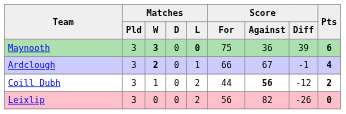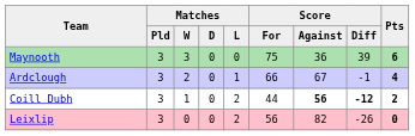 <table style=border-collapse:collapse border=1 cellspacing=0 cellpadding=5>
 <tr align=center bgcolor=#efefef>
 <th rowspan=2 width=165>Team</th>
 <th colspan=4>Matches</th>
 <th colspan=3>Score</th>
 <th rowspan=2width=20>Pts</th>
 </tr>
 <tr align=center bgcolor=#efefef>
 <th width=20>Pld</th>
 <th width=20>W</th>
 <th width=20>D</th>
 <th width=20>L</th>
 <th width=45>For</th>
 <th width=45>Against</th>
 <th width=30>Diff</th>
 </tr>
 <tr align=center style="background:#ACE1AF;">
 <td style="text-align:left;"><a href='#'>Maynooth</a></td>
 <td>3</td>
-<td><strong>3</strong></td>
+<td>3</td>
 <td>0</td>
-<td><strong>0</strong></td>
+<td>0</td>
 <td>75</td>
 <td>36</td>
 <td>39</td>
 <td><strong>6</strong></td>
 </tr>
 <tr align=center style="background:#ccccff;">
 <td style="text-align:left;"><a href='#'>Ardclough</a></td>
 <td>3</td>
-<td><strong>2</strong></td>
+<td>2</td>
 <td>0</td>
 <td>1</td>
 <td>66</td>
 <td>67</td>
 <td>-1</td>
 <td><strong>4</strong></td>
 </tr>
 <tr align=center>
 <td style="text-align:left;"><a href='#'>Coill Dubh</a></td>
 <td>3</td>
 <td>1</td>
 <td>0</td>
 <td>2</td>
 <td>44</td>
 <td><strong>56</strong></td>
-<td>-12</td>
+<td><strong>-12</strong></td>
 <td><strong>2</strong></td>
 </tr>
 <tr align=center style="background:#FFC0CB;">
 <td style="text-align:left;"><a href='#'>Leixlip</a></td>
 <td>3</td>
 <td>0</td>
 <td>0</td>
 <td>2</td>
 <td>56</td>
 <td>82</td>
 <td>-26</td>
 <td><strong>0</strong></td>
 </tr>
 </table>
